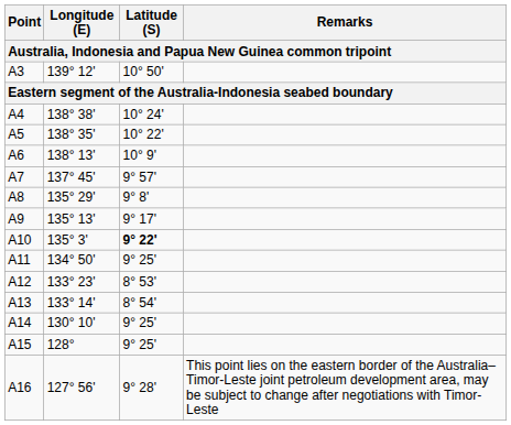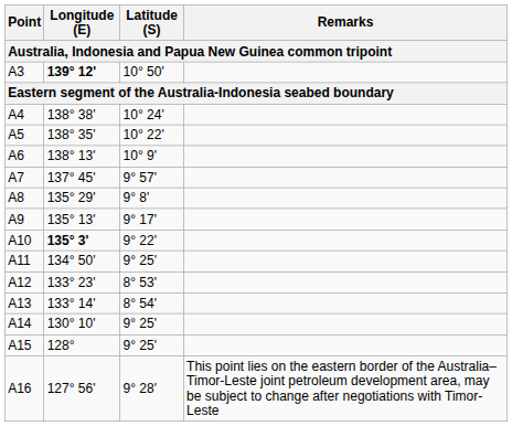 <table class="wikitable">
 <tr>
 <th>Point</th>
 <th>Longitude (E)</th>
 <th>Latitude (S)</th>
 <th>Remarks</th>
 </tr>
 <tr>
 <th colspan="5" style="text-align:left">Australia, Indonesia and Papua New Guinea common tripoint</th>
 </tr>
 <tr>
 <td>A3</td>
-<td>139° 12'</td>
+<td><strong>139° 12'</strong></td>
 <td>10° 50'</td>
 <td></td>
 </tr>
 <tr>
 <th colspan="5" style="text-align:left">Eastern segment of the Australia-Indonesia seabed boundary</th>
 </tr>
 <tr>
 <td>A4</td>
 <td>138° 38'</td>
 <td>10° 24'</td>
 <td></td>
 </tr>
 <tr>
 <td>A5</td>
 <td>138° 35'</td>
 <td>10° 22'</td>
 <td></td>
 </tr>
 <tr>
 <td>A6</td>
 <td>138° 13'</td>
 <td>10° 9'</td>
 <td></td>
 </tr>
 <tr>
 <td>A7</td>
 <td>137° 45'</td>
 <td>9° 57'</td>
 <td></td>
 </tr>
 <tr>
 <td>A8</td>
 <td>135° 29'</td>
 <td>9° 8'</td>
 <td></td>
 </tr>
 <tr>
 <td>A9</td>
 <td>135° 13'</td>
 <td>9° 17'</td>
 <td></td>
 </tr>
 <tr>
 <td>A10</td>
-<td>135° 3'</td>
-<td><strong>9° 22'</strong></td>
+<td><strong>135° 3'</strong></td>
+<td>9° 22'</td>
 <td></td>
 </tr>
 <tr>
 <td>A11</td>
 <td>134° 50'</td>
 <td>9° 25'</td>
 <td></td>
 </tr>
 <tr>
 <td>A12</td>
 <td>133° 23'</td>
 <td>8° 53'</td>
 <td></td>
 </tr>
 <tr>
 <td>A13</td>
 <td>133° 14'</td>
 <td>8° 54'</td>
 <td></td>
 </tr>
 <tr>
 <td>A14</td>
 <td>130° 10'</td>
 <td>9° 25'</td>
 <td></td>
 </tr>
 <tr>
 <td>A15</td>
 <td>128°</td>
 <td>9° 25'</td>
 <td></td>
 </tr>
 <tr>
 <td>A16</td>
 <td>127° 56'</td>
 <td>9° 28'</td>
 <td>This point lies on the eastern border of the Australia–Timor-Leste joint petroleum development area, may be subject to change after negotiations with Timor-Leste</td>
 </tr>
 </table>
